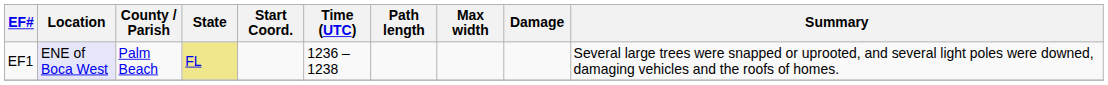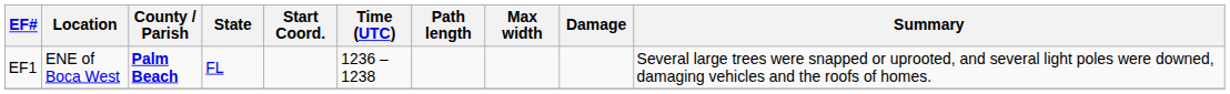 <table class="wikitable sortable" style="width:100%;">
 <tr>
 <th scope="col" width="3%" align="center"><a href='#'>EF#</a></th>
 <th scope="col" width="7%" align="center" class="unsortable">Location</th>
 <th scope="col" width="6%" align="center" class="unsortable">County / Parish</th>
 <th scope="col" width="5%" align="center">State</th>
 <th scope="col" width="6%" align="center">Start Coord.</th>
 <th scope="col" width="6%" align="center">Time (<a href='#'>UTC</a>)</th>
 <th scope="col" width="6%" align="center">Path length</th>
 <th scope="col" width="6%" align="center">Max width</th>
 <th scope="col" width="6%" align="center">Damage</th>
 <th scope="col" width="48%" class="unsortable" align="center">Summary</th>
 </tr>
 <tr>
 <td>EF1</td>
-<td style="background: lavender;">ENE of <a href='#'>Boca West</a></td>
-<td><a href='#'>Palm Beach</a></td>
-<td style="background: khaki;"><a href='#'>FL</a></td>
+<td>ENE of <a href='#'>Boca West</a></td>
+<td><strong><a href='#'>Palm Beach</a></strong></td>
+<td><a href='#'>FL</a></td>
 <td></td>
 <td>1236 – 1238</td>
 <td></td>
 <td></td>
 <td></td>
 <td>Several large trees were snapped or uprooted, and several light poles were downed, damaging vehicles and the roofs of homes.</td>
 </tr>
 <tr>
 </tr>
 </table>
